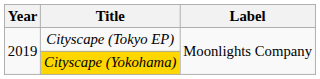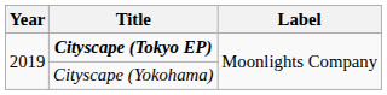 <table class="wikitable plainrowheaders" style="text-align:center;">
 <tr>
 <th scope="col">Year</th>
 <th scope="col">Title</th>
 <th scope="col">Label</th>
 </tr>
 <tr>
 <td rowspan=2>2019</td>
-<td><em>Cityscape (Tokyo EP)</em></td>
+<td><strong><em>Cityscape (Tokyo EP)</em></strong></td>
 <td rowspan=2>Moonlights Company</td>
 </tr>
 <tr>
-<td style="background: gold;"><em>Cityscape (Yokohama)</em></td>
+<td><em>Cityscape (Yokohama)</em></td>
 </tr>
 </table>
